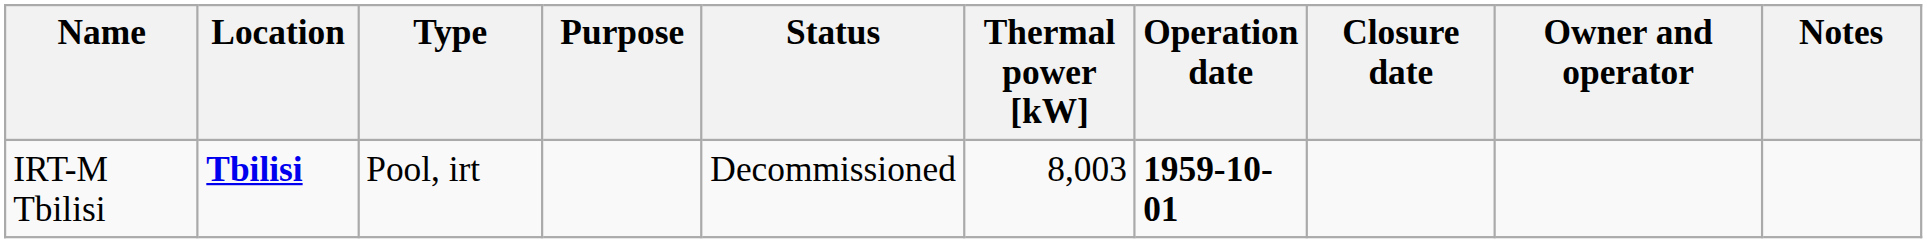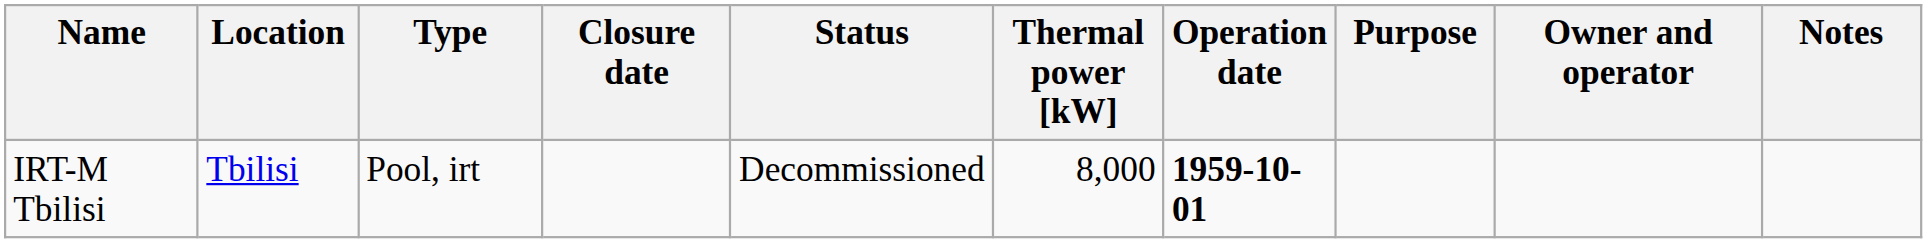 <table class="wikitable" >
 <tr valign="top">
 <th width="80">Name</th>
 <th width="65">Location</th>
 <th width="76">Type</th>
-<th width="65">Purpose</th>
+<th width="78“">Closure date</th>
 <th width="91">Status</th>
 <th width="70“">Thermal power [kW]</th>
 <th width=„67“>Operation date</th>
-<th width="78“">Closure date</th>
+<th width="65">Purpose</th>
 <th width="113“">Owner and operator</th>
 <th width="65">Notes</th>
 </tr>
 <tr valign="top">
 <td>IRT-M Tbilisi</td>
-<td><strong><a href='#'>Tbilisi</a></strong></td>
+<td><a href='#'>Tbilisi</a></td>
 <td>Pool, irt</td>
 <td></td>
 <td>Decommissioned</td>
-<td align="right">8,003</td>
+<td align="right">8,000</td>
 <td><strong>1959-10-01</strong></td>
 <td></td>
 <td></td>
 <td></td>
 </tr>
 </table>
